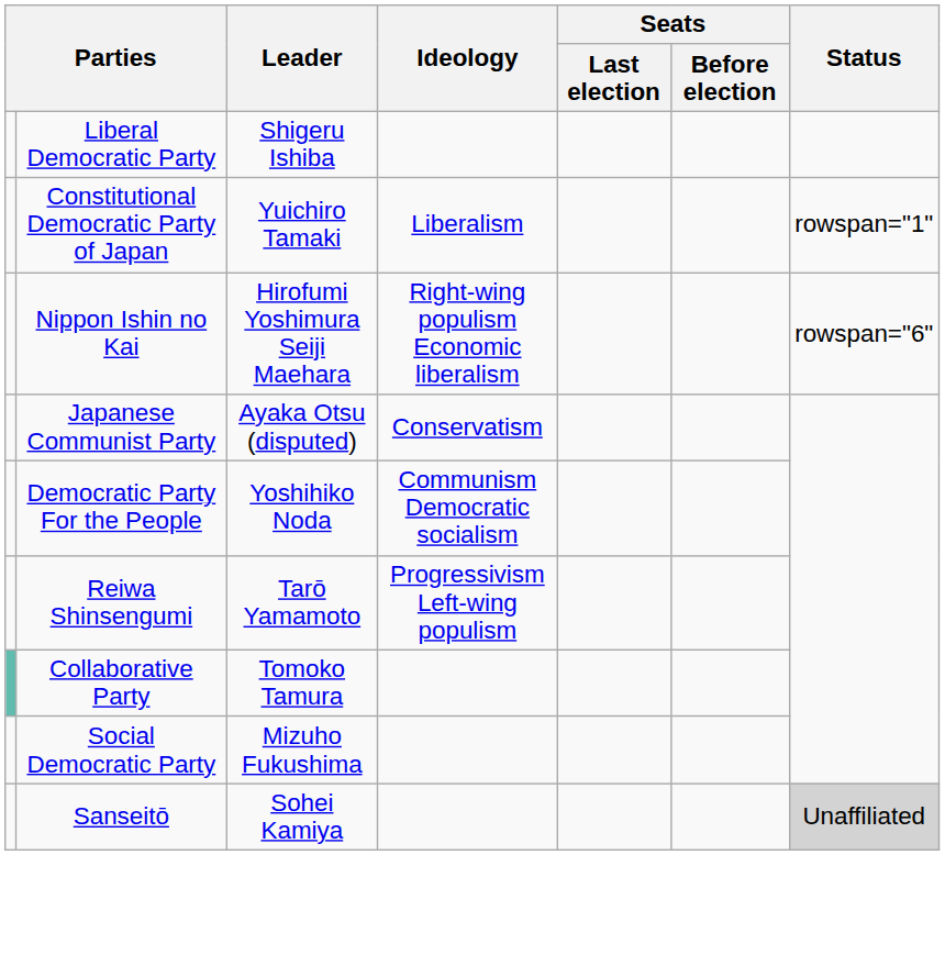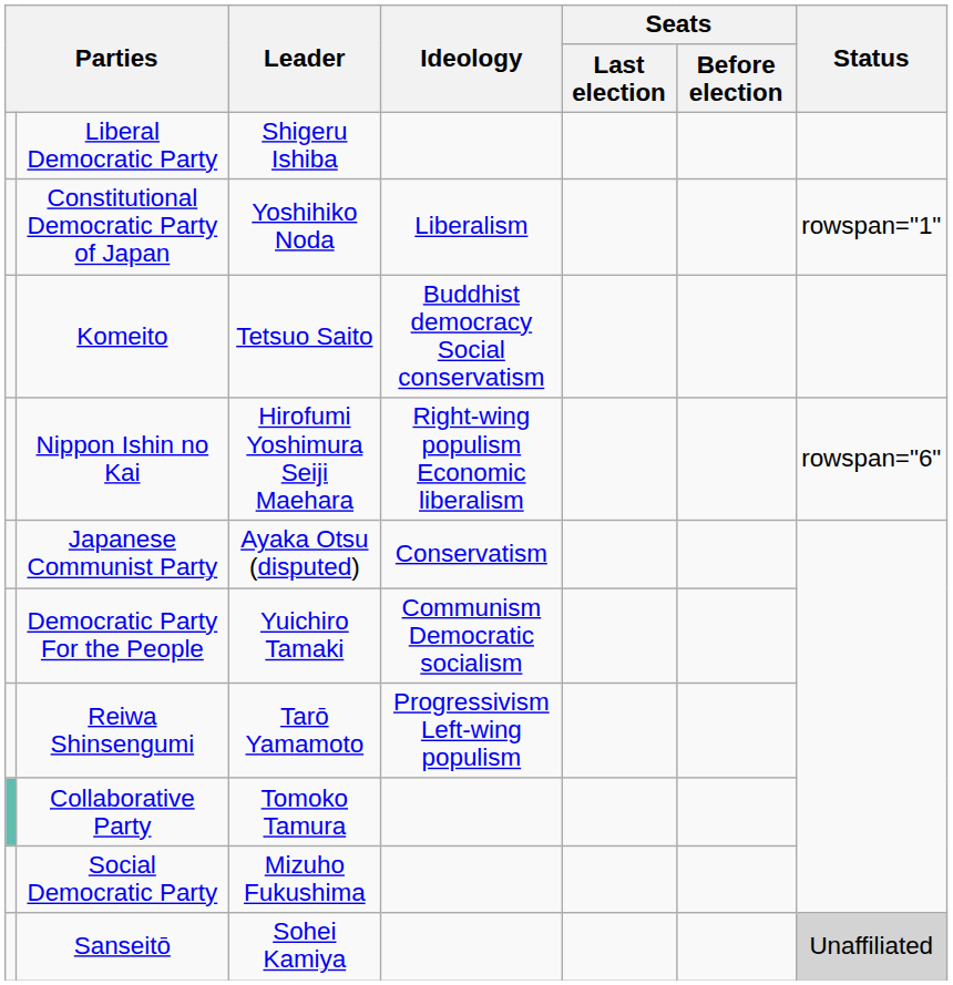 <table class="wikitable" style="text-align:center">
 <tr>
 <th colspan="2" rowspan="2">Parties</th>
 <th rowspan="2">Leader</th>
 <th rowspan="2">Ideology</th>
 <th colspan="2">Seats</th>
 <th rowspan="2">Status</th>
 </tr>
 <tr>
 <th>Last election</th>
 <th>Before election</th>
 </tr>
 <tr>
 <td style="background:"></td>
 <td><a href='#'>Liberal Democratic Party</a></td>
 <td><a href='#'>Shigeru Ishiba</a></td>
 <td></td>
 <td></td>
 <td></td>
 <td></td>
 </tr>
 <tr>
 <td style="background:"></td>
 <td><a href='#'>Constitutional Democratic Party of Japan</a></td>
-<td><a href='#'>Yuichiro Tamaki</a></td>
+<td><a href='#'>Yoshihiko Noda</a></td>
 <td><a href='#'>Liberalism</a></td>
 <td></td>
 <td></td>
 <td>rowspan="1" </td>
+</tr>
+<tr>
+<td style="background:"></td>
+<td><a href='#'>Komeito</a></td>
+<td><a href='#'>Tetsuo Saito</a></td>
+<td><a href='#'>Buddhist democracy</a><br><a href='#'>Social conservatism</a></td>
+<td></td>
+<td></td>
+<td></td>
 </tr>
 <tr>
 <td style="background:"></td>
 <td><a href='#'>Nippon Ishin no Kai</a></td>
 <td><a href='#'>Hirofumi Yoshimura</a><br><a href='#'>Seiji Maehara</a></td>
 <td><a href='#'>Right-wing populism</a><br><a href='#'>Economic liberalism</a></td>
 <td></td>
 <td></td>
 <td>rowspan="6" </td>
 </tr>
 <tr>
 <td style="background:"></td>
 <td><a href='#'>Japanese Communist Party</a></td>
 <td><a href='#'>Ayaka Otsu</a> (<a href='#'>disputed</a>)</td>
 <td><a href='#'>Conservatism</a></td>
 <td></td>
 <td></td>
 </tr>
 <tr>
 <td style="background:"></td>
 <td><a href='#'>Democratic Party For the People</a></td>
-<td><a href='#'>Yoshihiko Noda</a></td>
+<td><a href='#'>Yuichiro Tamaki</a></td>
 <td><a href='#'>Communism</a><br><a href='#'>Democratic socialism</a></td>
 <td></td>
 <td></td>
 </tr>
 <tr>
 <td style="background:"></td>
 <td><a href='#'>Reiwa Shinsengumi</a></td>
 <td><a href='#'>Tarō Yamamoto</a></td>
 <td><a href='#'>Progressivism</a> <br> <a href='#'>Left-wing populism</a></td>
 <td></td>
 <td></td>
 </tr>
 <tr>
 <td style="background:#60bcaf"></td>
 <td><a href='#'>Collaborative Party</a></td>
 <td><a href='#'>Tomoko Tamura</a></td>
 <td></td>
 <td></td>
 <td></td>
 </tr>
 <tr>
 <td style="background:"></td>
 <td><a href='#'>Social Democratic Party</a></td>
 <td><a href='#'>Mizuho Fukushima</a></td>
 <td></td>
 <td></td>
 <td></td>
 </tr>
 <tr>
 <td style="background:"></td>
 <td><a href='#'>Sanseitō</a></td>
 <td><a href='#'>Sohei Kamiya</a></td>
 <td></td>
 <td></td>
 <td></td>
 <td style="background-color: #D3D3D3;">Unaffiliated</td>
 </tr>
 </table>
